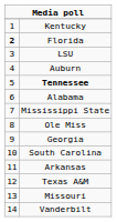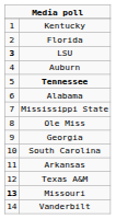 <table class="wikitable">
 <tr align="center">
 <td align="center" Colspan="3"><strong>Media poll</strong></td>
 </tr>
 <tr align="center">
 </tr>
 <tr align="center">
 <td>1</td>
 <td>Kentucky</td>
 </tr>
 <tr align="center">
-<td><strong>2</strong></td>
+<td>2</td>
 <td>Florida</td>
 </tr>
 <tr align="center">
-<td>3</td>
+<td><strong>3</strong></td>
 <td>LSU</td>
 </tr>
 <tr align="center">
 <td>4</td>
 <td>Auburn</td>
 </tr>
 <tr align="center">
 <td>5</td>
 <td><strong>Tennessee</strong></td>
 </tr>
 <tr align="center">
 <td>6</td>
 <td>Alabama</td>
 </tr>
 <tr align="center">
 <td>7</td>
 <td>Mississippi State</td>
 </tr>
 <tr align="center">
 <td>8</td>
 <td>Ole Miss</td>
 </tr>
 <tr align="center">
 <td>9</td>
 <td>Georgia</td>
 </tr>
 <tr align="center">
 <td>10</td>
 <td>South Carolina</td>
 </tr>
 <tr align="center">
 <td>11</td>
 <td>Arkansas</td>
 </tr>
 <tr align="center">
 <td>12</td>
 <td>Texas A&M</td>
 </tr>
 <tr align="center">
-<td>13</td>
+<td><strong>13</strong></td>
 <td>Missouri</td>
 </tr>
 <tr align="center">
 <td>14</td>
 <td>Vanderbilt</td>
 </tr>
 </table>
